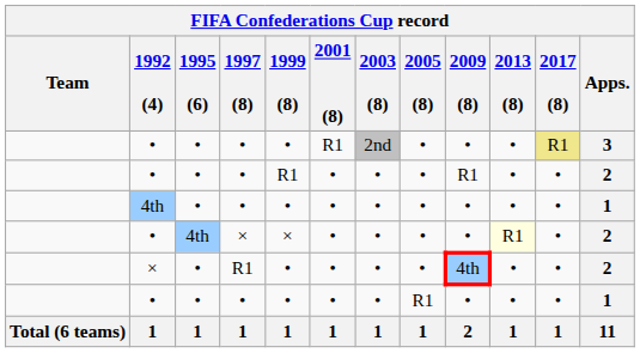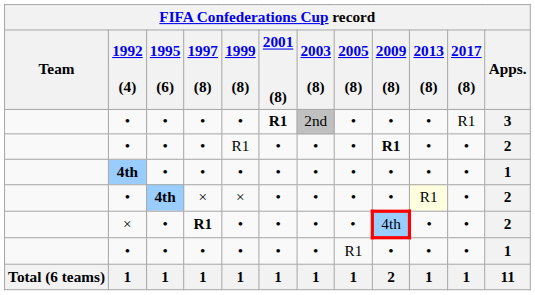 <table class="wikitable" style="text-align:center; font-size:90%">
 <tr>
 <th colspan=12><a href='#'>FIFA Confederations Cup</a> record</th>
 </tr>
 <tr>
 <th>Team</th>
 <th><a href='#'>1992</a><br><br>(4)</th>
 <th><a href='#'>1995</a><br><br>(6)</th>
 <th><a href='#'>1997</a><br><br>(8)</th>
 <th><a href='#'>1999</a><br><br>(8)</th>
 <th><a href='#'>2001</a><br><br><br>(8)</th>
 <th><a href='#'>2003</a><br><br>(8)</th>
 <th><a href='#'>2005</a><br><br>(8)</th>
 <th><a href='#'>2009</a><br><br>(8)</th>
 <th><a href='#'>2013</a><br><br>(8)</th>
 <th><a href='#'>2017</a><br><br>(8)</th>
 <th>Apps.</th>
 </tr>
 <tr>
 <td align=left></td>
 <td>•</td>
 <td>•</td>
 <td>•</td>
 <td>•</td>
-<td>R1</td>
+<td><strong>R1</strong></td>
 <td style="background:Silver;">2nd</td>
 <td>•</td>
 <td>•</td>
 <td>•</td>
-<td style="background: khaki;">R1</td>
+<td>R1</td>
 <th>3</th>
 </tr>
 <tr>
 <td align=left></td>
 <td>•</td>
 <td>•</td>
 <td>•</td>
 <td>R1</td>
 <td>•</td>
 <td>•</td>
 <td>•</td>
-<td>R1</td>
+<td><strong>R1</strong></td>
 <td>•</td>
 <td>•</td>
 <th>2</th>
 </tr>
 <tr>
 <td align=left></td>
-<td style="background:#9acdff;">4th</td>
+<td style="background:#9acdff;"><strong>4th</strong></td>
 <td>•</td>
 <td>•</td>
 <td>•</td>
 <td>•</td>
 <td>•</td>
 <td>•</td>
 <td>•</td>
 <td>•</td>
 <td>•</td>
 <th>1</th>
 </tr>
 <tr>
 <td align=left></td>
 <td>•</td>
-<td style="background:#9acdff;">4th</td>
+<td style="background:#9acdff;"><strong>4th</strong></td>
 <td>×</td>
 <td>×</td>
 <td>•</td>
 <td>•</td>
 <td>•</td>
 <td>•</td>
 <td style="background: lightyellow;">R1</td>
 <td>•</td>
 <th>2</th>
 </tr>
 <tr>
 <td align=left></td>
 <td>×</td>
 <td>•</td>
-<td>R1</td>
+<td><strong>R1</strong></td>
 <td>•</td>
 <td>•</td>
 <td>•</td>
 <td>•</td>
 <td style="border:3px solid red; background:#9acdff;">4th</td>
 <td>•</td>
 <td>•</td>
 <th>2</th>
 </tr>
 <tr>
 <td align=left></td>
 <td>•</td>
 <td>•</td>
 <td>•</td>
 <td>•</td>
 <td>•</td>
 <td>•</td>
 <td>R1</td>
 <td>•</td>
 <td>•</td>
 <td>•</td>
 <th>1</th>
 </tr>
 <tr>
 <th>Total (6 teams)</th>
 <th>1</th>
 <th>1</th>
 <th>1</th>
 <th>1</th>
 <th>1</th>
 <th>1</th>
 <th>1</th>
 <th>2</th>
 <th>1</th>
 <th>1</th>
 <th>11</th>
 </tr>
 </table>
